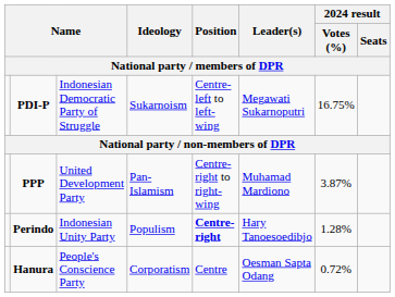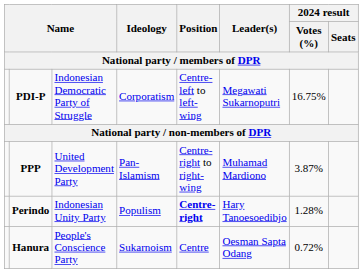 <table class="wikitable" style="width:73%;">
 <tr>
 <th colspan="3" rowspan="2">Name</th>
 <th rowspan="2">Ideology</th>
 <th rowspan="2">Position</th>
 <th rowspan="2">Leader(s)</th>
 <th colspan="2">2024 result</th>
 </tr>
 <tr>
 <th>Votes (%)</th>
 <th>Seats</th>
 </tr>
 <tr>
 <th colspan="8">National party / members of <a href='#'>DPR</a></th>
 </tr>
 <tr>
 <td style="background:"></td>
 <td style="text-align:center;"><strong>PDI-P</strong></td>
 <td><a href='#'>Indonesian Democratic Party of Struggle</a><br></td>
-<td><a href='#'>Sukarnoism</a></td>
+<td><a href='#'>Corporatism</a></td>
 <td><a href='#'>Centre-left</a> to <a href='#'>left-wing</a></td>
 <td><a href='#'>Megawati Sukarnoputri</a></td>
 <td style="text-align:center;">16.75%</td>
 <td></td>
 </tr>
 <tr>
 <th colspan="8">National party / non-members of <a href='#'>DPR</a></th>
 </tr>
 <tr>
 <td style="background:"></td>
 <td style="text-align:center;"><strong>PPP</strong></td>
 <td><a href='#'>United Development Party</a><br></td>
 <td><a href='#'>Pan-Islamism</a></td>
 <td><a href='#'>Centre-right</a> to <a href='#'>right-wing</a></td>
 <td><a href='#'>Muhamad Mardiono</a></td>
 <td style="text-align:center;">3.87%</td>
 <td></td>
 </tr>
 <tr>
 <td style="background:"></td>
 <td style="text-align:center;"><strong>Perindo</strong></td>
 <td><a href='#'>Indonesian Unity Party</a><br></td>
 <td><a href='#'>Populism</a></td>
 <td><strong><a href='#'>Centre-right</a></strong></td>
 <td><a href='#'>Hary Tanoesoedibjo</a></td>
 <td style="text-align:center;">1.28%</td>
 <td></td>
 </tr>
 <tr>
 <td style="background:"></td>
 <td style="text-align:center;"><strong>Hanura</strong></td>
 <td><a href='#'>People's Conscience Party</a><br></td>
-<td><a href='#'>Corporatism</a></td>
+<td><a href='#'>Sukarnoism</a></td>
 <td><a href='#'>Centre</a></td>
 <td><a href='#'>Oesman Sapta Odang</a></td>
 <td style="text-align:center;">0.72%</td>
 <td></td>
 </tr>
 </table>
